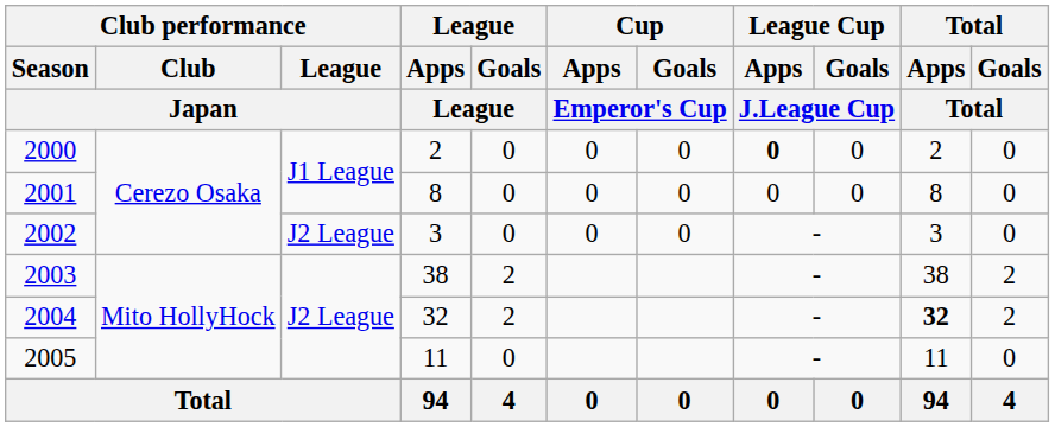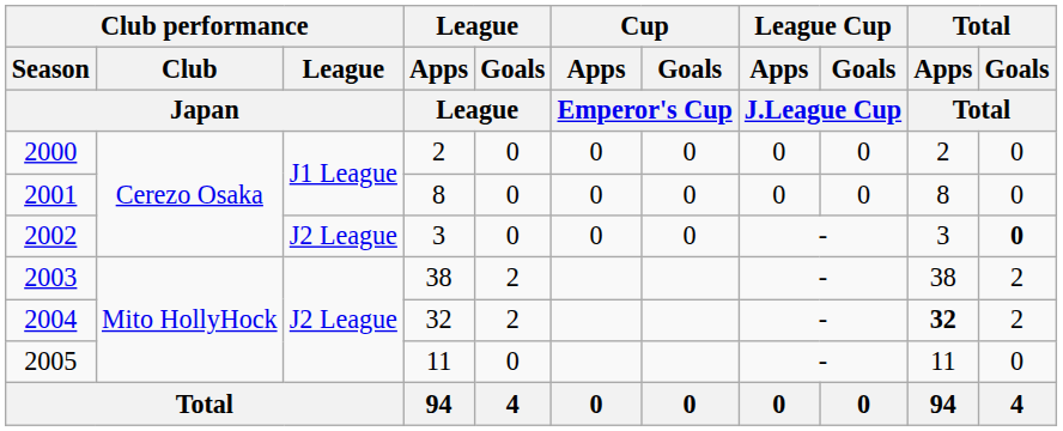 <table class="wikitable" style="text-align:center;">
 <tr>
 <th colspan=3>Club performance</th>
 <th colspan=2>League</th>
 <th colspan=2>Cup</th>
 <th colspan=2>League Cup</th>
 <th colspan=2>Total</th>
 </tr>
 <tr>
 <th>Season</th>
 <th>Club</th>
 <th>League</th>
 <th>Apps</th>
 <th>Goals</th>
 <th>Apps</th>
 <th>Goals</th>
 <th>Apps</th>
 <th>Goals</th>
 <th>Apps</th>
 <th>Goals</th>
 </tr>
 <tr>
 <th colspan=3>Japan</th>
 <th colspan=2>League</th>
 <th colspan=2><a href='#'>Emperor's Cup</a></th>
 <th colspan=2><a href='#'>J.League Cup</a></th>
 <th colspan=2>Total</th>
 </tr>
 <tr>
 <td><a href='#'>2000</a></td>
 <td rowspan="3"><a href='#'>Cerezo Osaka</a></td>
 <td rowspan="2"><a href='#'>J1 League</a></td>
 <td>2</td>
 <td>0</td>
 <td>0</td>
 <td>0</td>
-<td><strong>0</strong></td>
+<td>0</td>
 <td>0</td>
 <td>2</td>
 <td>0</td>
 </tr>
 <tr>
 <td><a href='#'>2001</a></td>
 <td>8</td>
 <td>0</td>
 <td>0</td>
 <td>0</td>
 <td>0</td>
 <td>0</td>
 <td>8</td>
 <td>0</td>
 </tr>
 <tr>
 <td><a href='#'>2002</a></td>
 <td><a href='#'>J2 League</a></td>
 <td>3</td>
 <td>0</td>
 <td>0</td>
 <td>0</td>
 <td colspan="2">-</td>
 <td>3</td>
-<td>0</td>
+<td><strong>0</strong></td>
 </tr>
 <tr>
 <td><a href='#'>2003</a></td>
 <td rowspan="3"><a href='#'>Mito HollyHock</a></td>
 <td rowspan="3"><a href='#'>J2 League</a></td>
 <td>38</td>
 <td>2</td>
 <td></td>
 <td></td>
 <td colspan="2">-</td>
 <td>38</td>
 <td>2</td>
 </tr>
 <tr>
 <td><a href='#'>2004</a></td>
 <td>32</td>
 <td>2</td>
 <td></td>
 <td></td>
 <td colspan="2">-</td>
 <td><strong>32</strong></td>
 <td>2</td>
 </tr>
 <tr>
 <td>2005</td>
 <td>11</td>
 <td>0</td>
 <td></td>
 <td></td>
 <td colspan="2">-</td>
 <td>11</td>
 <td>0</td>
 </tr>
 <tr>
 <th colspan=3>Total</th>
 <th>94</th>
 <th>4</th>
 <th>0</th>
 <th>0</th>
 <th>0</th>
 <th>0</th>
 <th>94</th>
 <th>4</th>
 </tr>
 </table>
